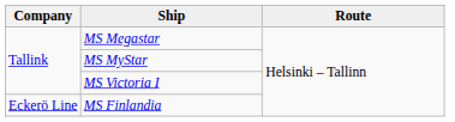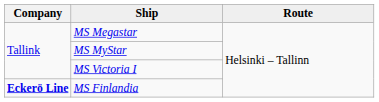 <table class="wikitable">
 <tr>
 <th>Company</th>
 <th style="background: #efefef; border-bottom: 1px;width:200px;">Ship</th>
 <th style="background: #efefef; border-bottom: 1px;width:200px;">Route</th>
 </tr>
 <tr>
 <td rowspan="3"> <a href='#'>Tallink</a></td>
 <td rowspan="1"><em><a href='#'>MS Megastar</a></em></td>
 <td rowspan="4">Helsinki – Tallinn</td>
 </tr>
 <tr>
 <td rowspan="1"><em><a href='#'>MS MyStar</a></em></td>
 </tr>
 <tr>
 <td rowspan="1"><em><a href='#'>MS Victoria I</a></em></td>
 </tr>
 <tr>
-<td rowspan="1"> <a href='#'>Eckerö Line</a></td>
+<td rowspan="1"><strong> <a href='#'>Eckerö Line</a></strong></td>
 <td rowspan="1"><em><a href='#'>MS Finlandia</a></em></td>
 </tr>
 </table>
